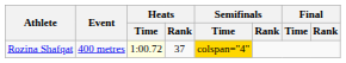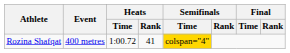 <table class=wikitable style="font-size:90%;">
 <tr>
 <th rowspan=2>Athlete</th>
 <th rowspan=2>Event</th>
 <th colspan=2>Heats</th>
 <th colspan=2>Semifinals</th>
 <th colspan=2>Final</th>
 </tr>
 <tr>
 <th>Time</th>
 <th>Rank</th>
 <th>Time</th>
 <th>Rank</th>
 <th>Time</th>
 <th>Rank</th>
 </tr>
 <tr>
 <td><a href='#'>Rozina Shafqat</a></td>
 <td><a href='#'>400 metres</a></td>
-<td align="center" style="background: lightyellow;">1:00.72</td>
-<td align="center">37</td>
+<td align="center">1:00.72</td>
+<td align="center">41</td>
 <td style="background: gold;">colspan="4" </td>
 </tr>
 </table>
